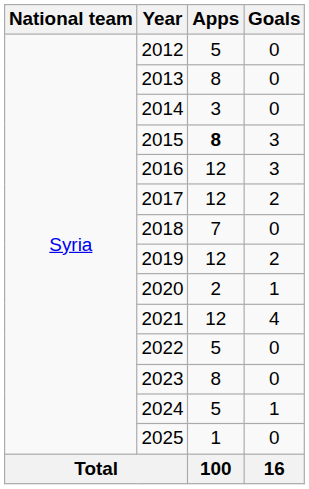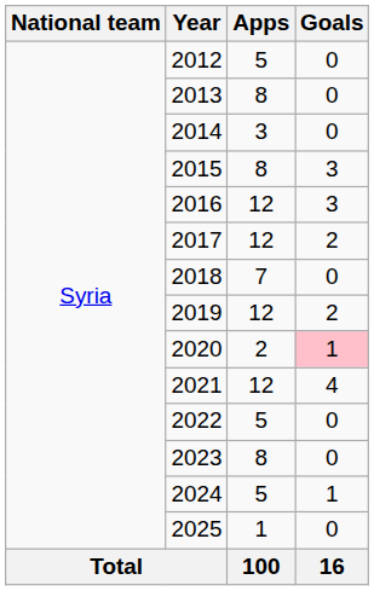 <table class="wikitable" style="text-align:center">
 <tr>
 <th>National team</th>
 <th>Year</th>
 <th>Apps</th>
 <th>Goals</th>
 </tr>
 <tr>
 <td rowspan="14"><a href='#'>Syria</a></td>
 <td>2012</td>
 <td>5</td>
 <td>0</td>
 </tr>
 <tr>
 <td>2013</td>
 <td>8</td>
 <td>0</td>
 </tr>
 <tr>
 <td>2014</td>
 <td>3</td>
 <td>0</td>
 </tr>
 <tr>
 <td>2015</td>
-<td><strong>8</strong></td>
+<td>8</td>
 <td>3</td>
 </tr>
 <tr>
 <td>2016</td>
 <td>12</td>
 <td>3</td>
 </tr>
 <tr>
 <td>2017</td>
 <td>12</td>
 <td>2</td>
 </tr>
 <tr>
 <td>2018</td>
 <td>7</td>
 <td>0</td>
 </tr>
 <tr>
 <td>2019</td>
 <td>12</td>
 <td>2</td>
 </tr>
 <tr>
 <td>2020</td>
 <td>2</td>
-<td>1</td>
+<td style="background: pink;">1</td>
 </tr>
 <tr>
 <td>2021</td>
 <td>12</td>
 <td>4</td>
 </tr>
 <tr>
 <td>2022</td>
 <td>5</td>
 <td>0</td>
 </tr>
 <tr>
 <td>2023</td>
 <td>8</td>
 <td>0</td>
 </tr>
 <tr>
 <td>2024</td>
 <td>5</td>
 <td>1</td>
 </tr>
 <tr>
 <td>2025</td>
 <td>1</td>
 <td>0</td>
 </tr>
 <tr>
 <th colspan="2">Total</th>
 <th>100</th>
 <th>16</th>
 </tr>
 </table>
